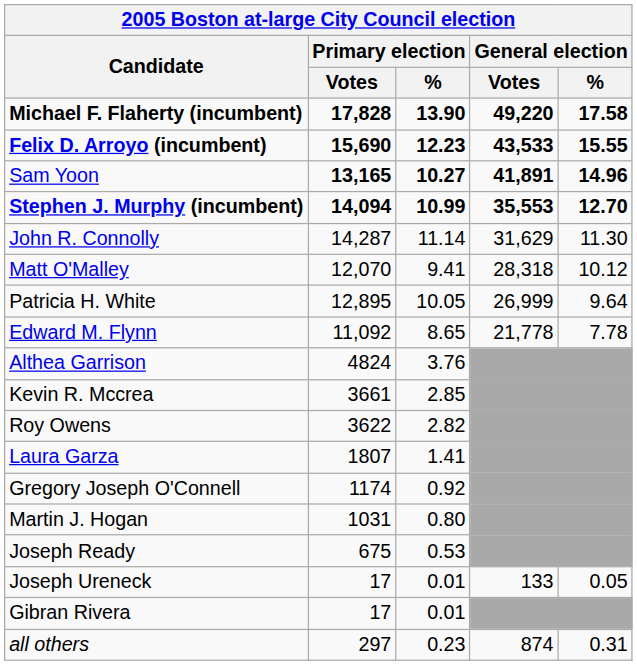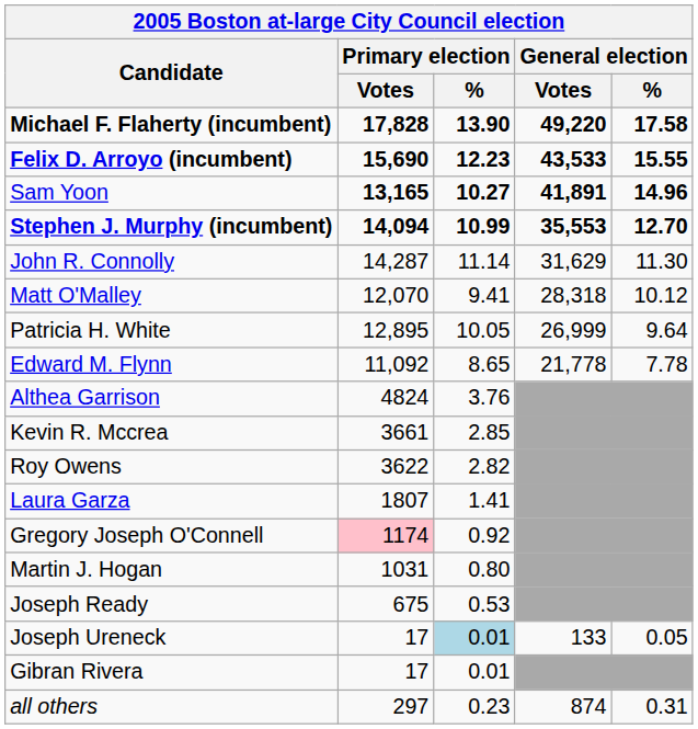 <table class=wikitable>
 <tr>
 <th colspan=5><a href='#'>2005 Boston at-large City Council election</a></th>
 </tr>
 <tr>
 <th colspan=1 rowspan=2>Candidate</th>
 <th colspan=2><strong>Primary election</strong></th>
 <th colspan=2><strong>General election</strong></th>
 </tr>
 <tr>
 <th>Votes</th>
 <th>%</th>
 <th>Votes</th>
 <th>%</th>
 </tr>
 <tr>
 <td><strong>Michael F. Flaherty (incumbent)</strong></td>
 <td align="right"><strong>17,828</strong></td>
 <td align="right"><strong>13.90</strong></td>
 <td align="right"><strong>49,220</strong></td>
 <td align="right"><strong>17.58</strong></td>
 </tr>
 <tr>
 <td><strong><a href='#'>Felix D. Arroyo</a> (incumbent)</strong></td>
 <td align="right"><strong>15,690</strong></td>
 <td align="right"><strong>12.23</strong></td>
 <td align="right"><strong>43,533</strong></td>
 <td align="right"><strong>15.55</strong></td>
 </tr>
 <tr>
 <td><a href='#'>Sam Yoon</a></td>
 <td align="right"><strong>13,165</strong></td>
 <td align="right"><strong>10.27</strong></td>
 <td align="right"><strong>41,891</strong></td>
 <td align="right"><strong>14.96</strong></td>
 </tr>
 <tr>
 <td><strong><a href='#'>Stephen J. Murphy</a> (incumbent)</strong></td>
 <td align="right"><strong>14,094</strong></td>
 <td align="right"><strong>10.99</strong></td>
 <td align="right"><strong>35,553</strong></td>
 <td align="right"><strong>12.70</strong></td>
 </tr>
 <tr>
 <td><a href='#'>John R. Connolly</a></td>
 <td align="right">14,287</td>
 <td align="right">11.14</td>
 <td align="right">31,629</td>
 <td align="right">11.30</td>
 </tr>
 <tr>
 <td><a href='#'>Matt O'Malley</a></td>
 <td align="right">12,070</td>
 <td align="right">9.41</td>
 <td align="right">28,318</td>
 <td align="right">10.12</td>
 </tr>
 <tr>
 <td>Patricia H. White</td>
 <td align="right">12,895</td>
 <td align="right">10.05</td>
 <td align="right">26,999</td>
 <td align="right">9.64</td>
 </tr>
 <tr>
 <td><a href='#'>Edward M. Flynn</a></td>
 <td align="right">11,092</td>
 <td align="right">8.65</td>
 <td align="right">21,778</td>
 <td align="right">7.78</td>
 </tr>
 <tr>
 <td><a href='#'>Althea Garrison</a></td>
 <td align="right">4824</td>
 <td align="right">3.76</td>
 <td colspan=2 bgcolor=darkgray> </td>
 </tr>
 <tr>
 <td>Kevin R. Mccrea</td>
 <td align="right">3661</td>
 <td align="right">2.85</td>
 <td colspan=2 bgcolor=darkgray> </td>
 </tr>
 <tr>
 <td>Roy Owens</td>
 <td align="right">3622</td>
 <td align="right">2.82</td>
 <td colspan=2 bgcolor=darkgray> </td>
 </tr>
 <tr>
 <td><a href='#'>Laura Garza</a></td>
 <td align="right">1807</td>
 <td align="right">1.41</td>
 <td colspan=2 bgcolor=darkgray> </td>
 </tr>
 <tr>
 <td>Gregory Joseph O'Connell</td>
-<td align="right">1174</td>
+<td align="right" style="background: pink;">1174</td>
 <td align="right">0.92</td>
 <td colspan=2 bgcolor=darkgray> </td>
 </tr>
 <tr>
 <td>Martin J. Hogan</td>
 <td align="right">1031</td>
 <td align="right">0.80</td>
 <td colspan=2 bgcolor=darkgray> </td>
 </tr>
 <tr>
 <td>Joseph Ready</td>
 <td align="right">675</td>
 <td align="right">0.53</td>
 <td colspan=2 bgcolor=darkgray> </td>
 </tr>
 <tr>
 <td>Joseph Ureneck</td>
 <td align="right">17</td>
-<td align="right">0.01</td>
+<td align="right" style="background: lightblue;">0.01</td>
 <td align="right">133</td>
 <td align="right">0.05</td>
 </tr>
 <tr>
 <td>Gibran Rivera</td>
 <td align="right">17</td>
 <td align="right">0.01</td>
 <td colspan=2 bgcolor=darkgray> </td>
 </tr>
 <tr>
 <td><em>all others</em></td>
 <td align="right">297</td>
 <td align="right">0.23</td>
 <td align="right">874</td>
 <td align="right">0.31</td>
 </tr>
 </table>
